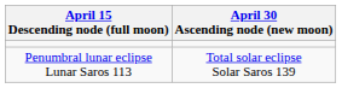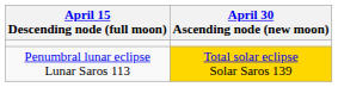 <table class="wikitable">
 <tr>
 <th><a href='#'>April 15</a><br>Descending node (full moon)<br></th>
 <th><a href='#'>April 30</a><br>Ascending node (new moon)<br></th>
 </tr>
 <tr>
 <td></td>
 <td></td>
 </tr>
 <tr align=center>
 <td><a href='#'>Penumbral lunar eclipse</a><br>Lunar Saros 113</td>
-<td><a href='#'>Total solar eclipse</a><br>Solar Saros 139</td>
+<td style="background: gold;"><a href='#'>Total solar eclipse</a><br>Solar Saros 139</td>
 </tr>
 </table>
